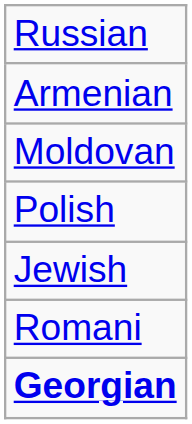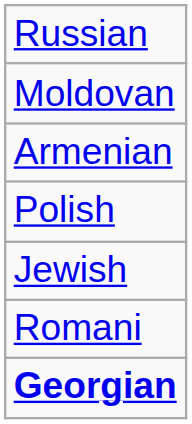 <table class="wikitable floatright">
 <tr>
 <td><a href='#'>Russian</a></td>
 </tr>
 <tr>
-<td><a href='#'>Armenian</a></td>
+<td><a href='#'>Moldovan</a></td>
 </tr>
 <tr>
-<td><a href='#'>Moldovan</a></td>
+<td><a href='#'>Armenian</a></td>
 </tr>
 <tr>
 <td><a href='#'>Polish</a></td>
 </tr>
 <tr>
 <td><a href='#'>Jewish</a></td>
 </tr>
 <tr>
 <td><a href='#'>Romani</a></td>
 </tr>
 <tr>
 <td><strong><a href='#'>Georgian</a></strong></td>
 </tr>
 </table>
